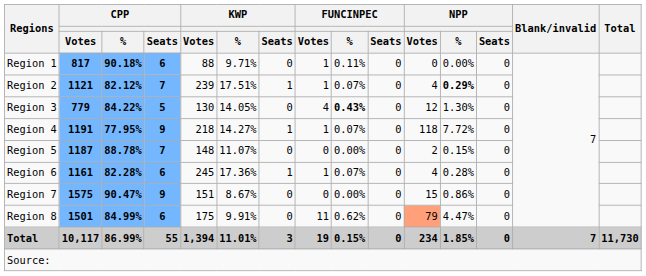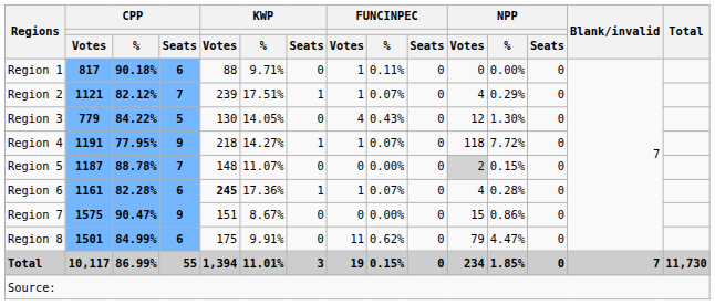 <table class="wikitable sortable" style="text-align:right; font-size:95%; line-height:20px;">
 <tr>
 <th rowspan="3">Regions</th>
 <th colspan="3" width="30px">CPP</th>
 <th colspan="3" width="30px">KWP</th>
 <th colspan="3" width="30px">FUNCINPEC</th>
 <th colspan="3" width="30px">NPP</th>
 <th rowspan="3" width="30px">Blank/invalid</th>
 <th rowspan="3" width="30px">Total</th>
 </tr>
 <tr>
 <th colspan="3" style="background:"></th>
 <th colspan="3" style="background:"></th>
 <th colspan="3" style="background:"></th>
 <th colspan="3" style="background:"></th>
 </tr>
 <tr>
 <th data-sort-type="number">Votes</th>
 <th data-sort-type="number">%</th>
 <th data-sort-type="number">Seats</th>
 <th data-sort-type="number">Votes</th>
 <th data-sort-type="number">%</th>
 <th data-sort-type="number">Seats</th>
 <th data-sort-type="number">Votes</th>
 <th data-sort-type="number">%</th>
 <th data-sort-type="number">Seats</th>
 <th data-sort-type="number">Votes</th>
 <th data-sort-type="number">%</th>
 <th data-sort-type="number">Seats</th>
 </tr>
 <tr>
 <td align="left">Region 1</td>
 <td align="center"style="background:#74B7FF"><strong>817</strong></td>
 <td align="center"style="background:#74B7FF"><strong>90.18%</strong></td>
 <td align="center"style="background:#74B7FF"><strong>6</strong></td>
 <td>88</td>
 <td>9.71%</td>
 <td>0</td>
 <td>1</td>
 <td>0.11%</td>
 <td>0</td>
 <td>0</td>
 <td>0.00%</td>
 <td>0</td>
 <td rowspan="8">7</td>
 <td></td>
 </tr>
 <tr>
 <td align="left">Region 2</td>
 <td align="center"style="background:#74B7FF"><strong>1121</strong></td>
 <td align="center"style="background:#74B7FF"><strong>82.12%</strong></td>
 <td align="center"style="background:#74B7FF"><strong>7</strong></td>
 <td>239</td>
 <td>17.51%</td>
 <td>1</td>
 <td>1</td>
 <td>0.07%</td>
 <td>0</td>
 <td>4</td>
-<td><strong>0.29%</strong></td>
+<td>0.29%</td>
 <td>0</td>
 <td></td>
 </tr>
 <tr>
 <td align="left">Region 3</td>
 <td align="center"style="background:#74B7FF"><strong>779</strong></td>
 <td align="center"style="background:#74B7FF"><strong>84.22%</strong></td>
 <td align="center"style="background:#74B7FF"><strong>5</strong></td>
 <td>130</td>
 <td>14.05%</td>
 <td>0</td>
 <td>4</td>
-<td><strong>0.43%</strong></td>
+<td>0.43%</td>
 <td>0</td>
 <td>12</td>
 <td>1.30%</td>
 <td>0</td>
 <td></td>
 </tr>
 <tr>
 <td align="left">Region 4</td>
 <td align="center"style="background:#74B7FF"><strong>1191</strong></td>
 <td align="center"style="background:#74B7FF"><strong>77.95%</strong></td>
 <td align="center"style="background:#74B7FF"><strong>9</strong></td>
 <td>218</td>
 <td>14.27%</td>
 <td>1</td>
 <td>1</td>
 <td>0.07%</td>
 <td>0</td>
 <td>118</td>
 <td>7.72%</td>
 <td>0</td>
 <td></td>
 </tr>
 <tr>
 <td align="left">Region 5</td>
 <td align="center"style="background:#74B7FF"><strong>1187</strong></td>
 <td align="center"style="background:#74B7FF"><strong>88.78%</strong></td>
 <td align="center"style="background:#74B7FF"><strong>7</strong></td>
 <td>148</td>
 <td>11.07%</td>
 <td>0</td>
 <td>0</td>
 <td>0.00%</td>
 <td>0</td>
-<td>2</td>
+<td style="background: lightgrey;">2</td>
 <td>0.15%</td>
 <td>0</td>
 <td></td>
 </tr>
 <tr>
 <td align="left">Region 6</td>
 <td align="center"style="background:#74B7FF"><strong>1161</strong></td>
 <td align="center"style="background:#74B7FF"><strong>82.28%</strong></td>
 <td align="center"style="background:#74B7FF"><strong>6</strong></td>
-<td>245</td>
+<td><strong>245</strong></td>
 <td>17.36%</td>
 <td>1</td>
 <td>1</td>
 <td>0.07%</td>
 <td>0</td>
 <td>4</td>
 <td>0.28%</td>
 <td>0</td>
 <td></td>
 </tr>
 <tr>
 <td align="left">Region 7</td>
 <td align="center"style="background:#74B7FF"><strong>1575</strong></td>
 <td align="center"style="background:#74B7FF"><strong>90.47%</strong></td>
 <td align="center"style="background:#74B7FF"><strong>9</strong></td>
 <td>151</td>
 <td>8.67%</td>
 <td>0</td>
 <td>0</td>
 <td>0.00%</td>
 <td>0</td>
 <td>15</td>
 <td>0.86%</td>
 <td>0</td>
 <td></td>
 </tr>
 <tr>
 <td align="left">Region 8</td>
 <td align="center"style="background:#74B7FF"><strong>1501</strong></td>
 <td align="center"style="background:#74B7FF"><strong>84.99%</strong></td>
 <td align="center"style="background:#74B7FF"><strong>6</strong></td>
 <td>175</td>
 <td>9.91%</td>
 <td>0</td>
 <td>11</td>
 <td>0.62%</td>
 <td>0</td>
-<td style="background: lightsalmon;">79</td>
+<td>79</td>
 <td>4.47%</td>
 <td>0</td>
 <td></td>
 </tr>
 <tr style="background:#CDCDCD;">
 <td align="left"><strong>Total</strong></td>
 <td><strong>10,117</strong></td>
 <td><strong>86.99%</strong></td>
 <td><strong>55</strong></td>
 <td><strong>1,394</strong></td>
 <td><strong>11.01%</strong></td>
 <td><strong>3</strong></td>
 <td><strong>19</strong></td>
 <td><strong>0.15%</strong></td>
 <td><strong>0</strong></td>
 <td><strong>234</strong></td>
 <td><strong>1.85%</strong></td>
 <td><strong>0</strong></td>
 <td><strong>7</strong></td>
 <td><strong>11,730</strong></td>
 </tr>
 <tr>
 <td colspan="15" align="left">Source: </td>
 </tr>
 </table>
